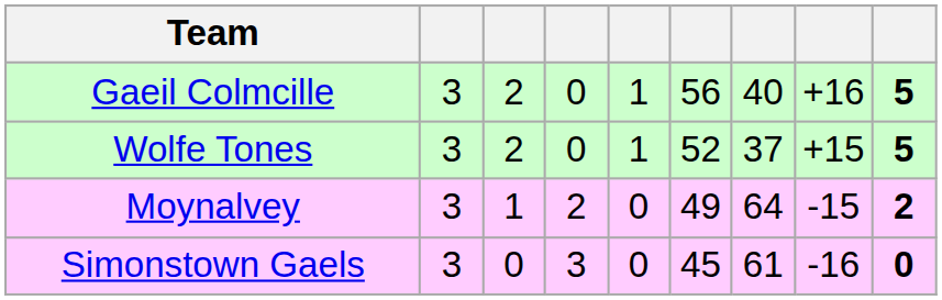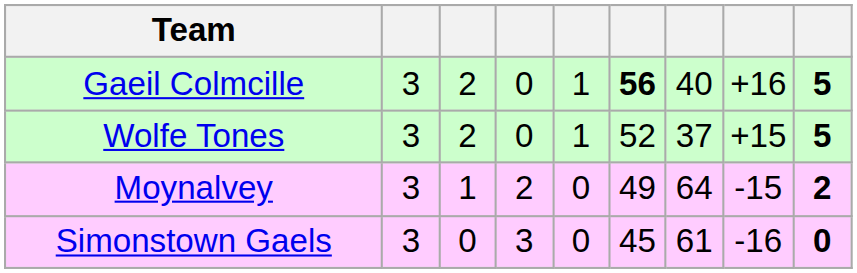 <table class="wikitable" style="text-align:center">
 <tr>
 <th style="width:175px;">Team</th>
 <th width="20"></th>
 <th width="20"></th>
 <th width="20"></th>
 <th width="20"></th>
 <th width="20"></th>
 <th width="20"></th>
 <th width="20"></th>
 <th width="20"></th>
 </tr>
 <tr style="background:#cfc;">
 <td><a href='#'>Gaeil Colmcille</a></td>
 <td>3</td>
 <td>2</td>
 <td>0</td>
 <td>1</td>
-<td>56</td>
+<td><strong>56</strong></td>
 <td>40</td>
 <td>+16</td>
 <td><strong>5</strong></td>
 </tr>
 <tr style="background:#cfc;">
 <td><a href='#'>Wolfe Tones</a></td>
 <td>3</td>
 <td>2</td>
 <td>0</td>
 <td>1</td>
 <td>52</td>
 <td>37</td>
 <td>+15</td>
 <td><strong>5</strong></td>
 </tr>
 <tr style="background:#fcf;">
 <td><a href='#'>Moynalvey</a></td>
 <td>3</td>
 <td>1</td>
 <td>2</td>
 <td>0</td>
 <td>49</td>
 <td>64</td>
 <td>-15</td>
 <td><strong>2</strong></td>
 </tr>
 <tr style="background:#fcf;">
 <td><a href='#'>Simonstown Gaels</a></td>
 <td>3</td>
 <td>0</td>
 <td>3</td>
 <td>0</td>
 <td>45</td>
 <td>61</td>
 <td>-16</td>
 <td><strong>0</strong></td>
 </tr>
 </table>
